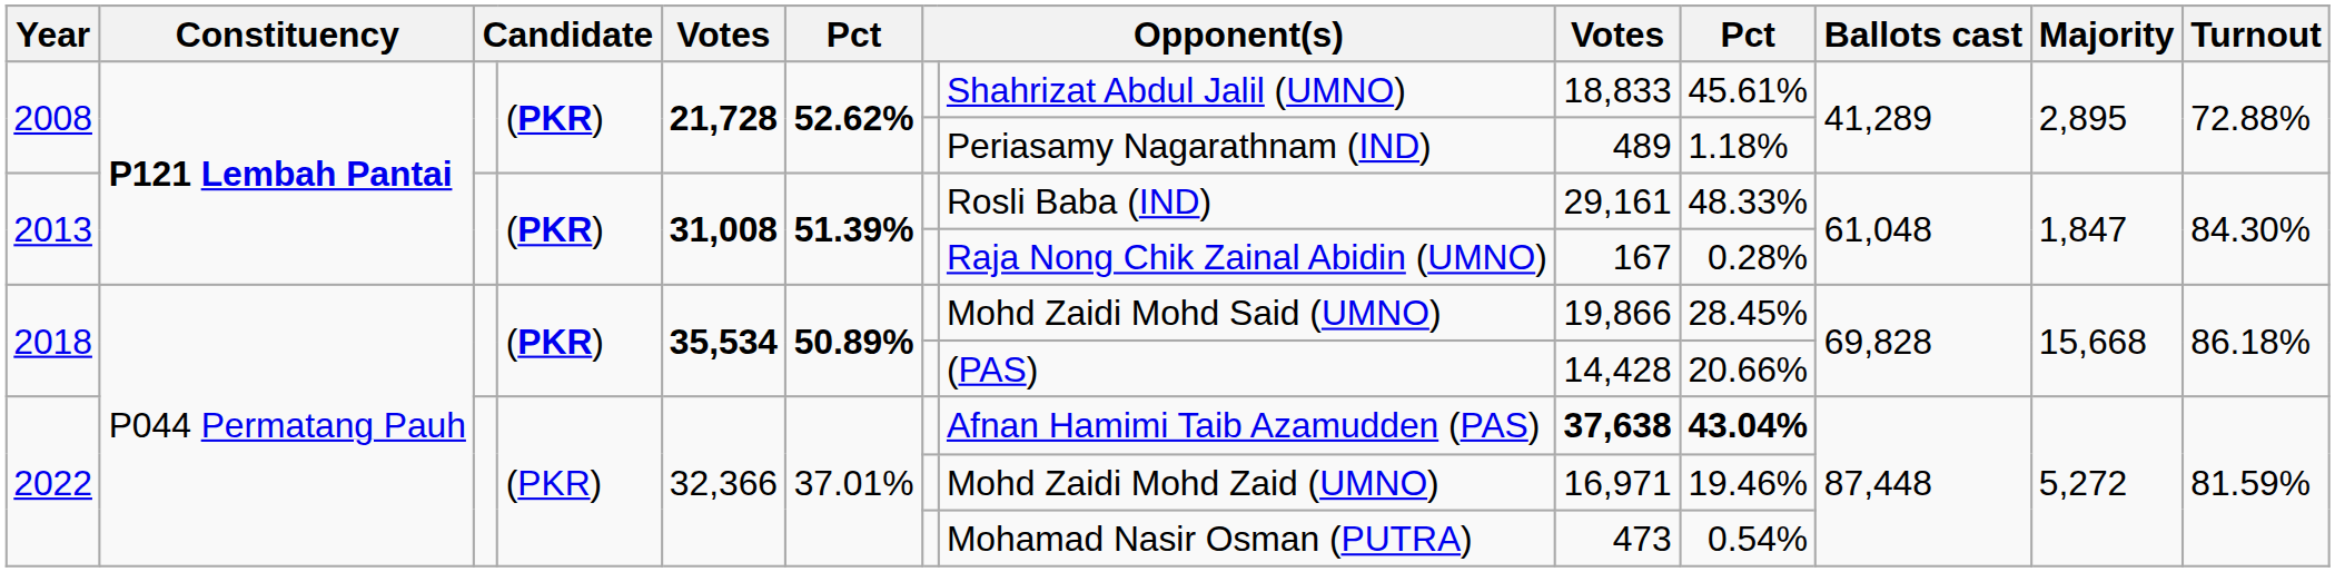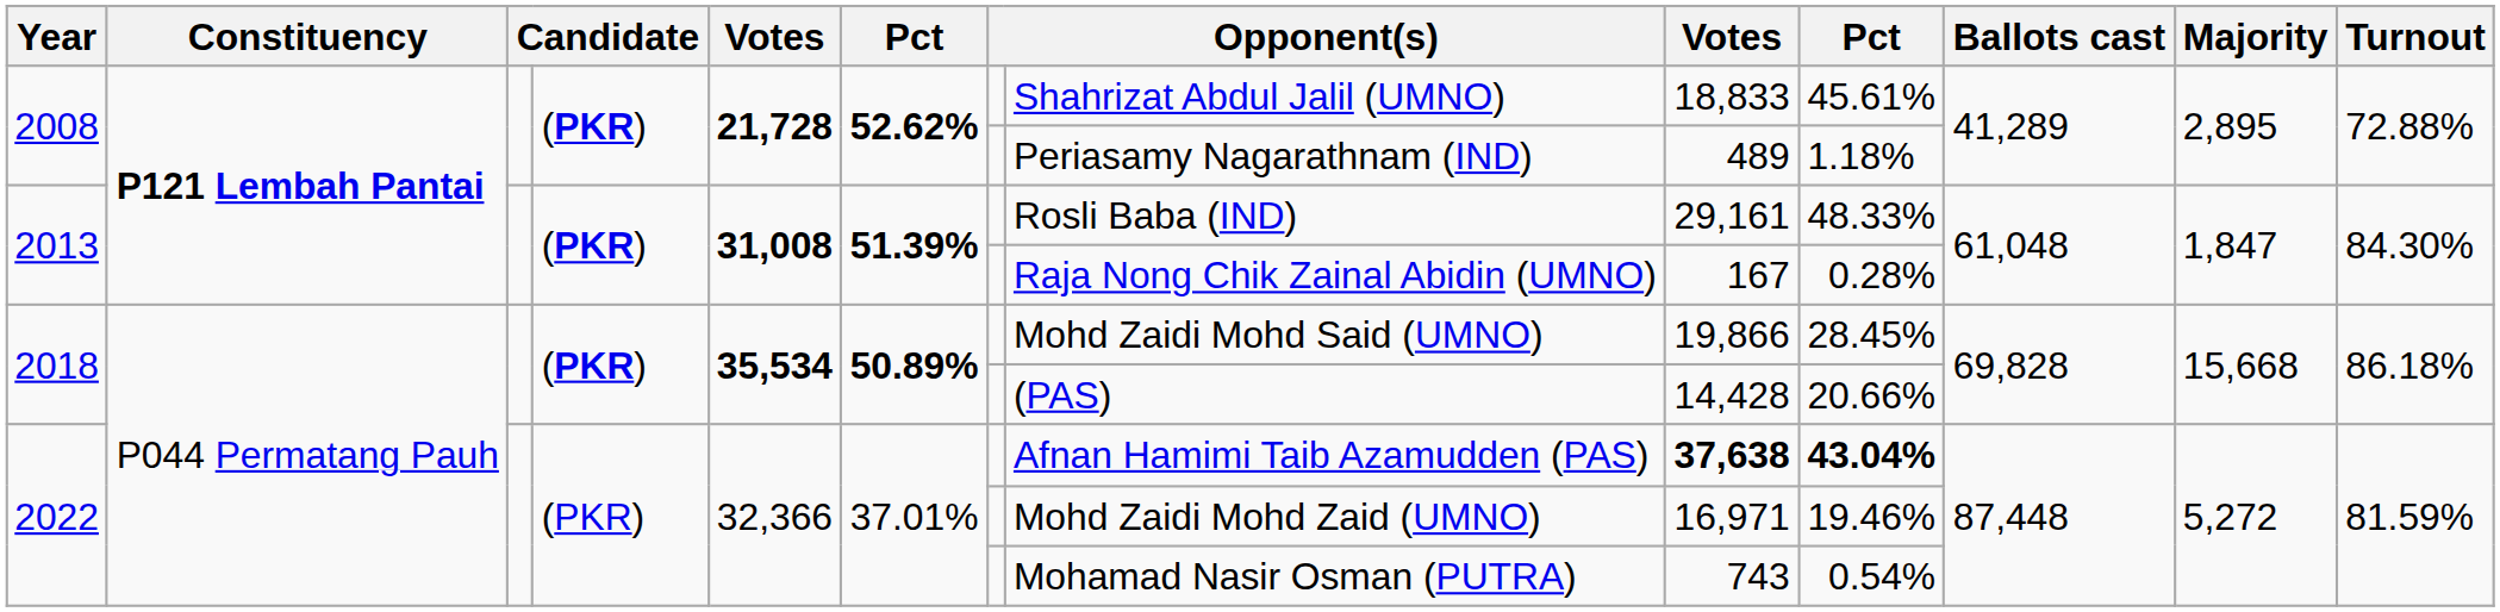 <table class="wikitable" style="margin:0.5em ; font-size:95%">
 <tr>
 <th>Year</th>
 <th>Constituency</th>
 <th colspan=2>Candidate</th>
 <th>Votes</th>
 <th>Pct</th>
 <th colspan=2>Opponent(s)</th>
 <th>Votes</th>
 <th>Pct</th>
 <th>Ballots cast</th>
 <th>Majority</th>
 <th>Turnout</th>
 </tr>
 <tr>
 <td rowspan=2><a href='#'>2008</a></td>
 <td rowspan=4><strong>P121 <a href='#'>Lembah Pantai</a></strong></td>
 <td rowspan=2 ></td>
 <td rowspan=2> (<a href='#'><strong>PKR</strong></a>)</td>
 <td rowspan=2 align="right"><strong>21,728</strong></td>
 <td rowspan=2><strong>52.62%</strong></td>
 <td></td>
 <td><a href='#'>Shahrizat Abdul Jalil</a> (<a href='#'>UMNO</a>)</td>
 <td align="right">18,833</td>
 <td>45.61%</td>
 <td rowspan=2>41,289</td>
 <td rowspan=2>2,895</td>
 <td rowspan=2>72.88%</td>
 </tr>
 <tr>
 <td></td>
 <td>Periasamy Nagarathnam (<a href='#'>IND</a>)</td>
 <td align="right">489</td>
 <td>1.18%</td>
 </tr>
 <tr>
 <td rowspan=2><a href='#'>2013</a></td>
 <td rowspan=2 ></td>
 <td rowspan=2> (<a href='#'><strong>PKR</strong></a>)</td>
 <td rowspan=2 align="right"><strong>31,008</strong></td>
 <td rowspan=2><strong>51.39%</strong></td>
 <td></td>
 <td>Rosli Baba (<a href='#'>IND</a>)</td>
 <td align="right">29,161</td>
 <td>48.33%</td>
 <td rowspan=2>61,048</td>
 <td rowspan=2>1,847</td>
 <td rowspan=2>84.30%</td>
 </tr>
 <tr>
 <td></td>
 <td><a href='#'>Raja Nong Chik Zainal Abidin</a> (<a href='#'>UMNO</a>)</td>
 <td align="right">167</td>
 <td align="right">0.28%</td>
 </tr>
 <tr>
 <td rowspan="2"><a href='#'>2018</a></td>
 <td rowspan=5>P044 <a href='#'>Permatang Pauh</a></td>
 <td rowspan="2" ></td>
 <td rowspan="2"> (<a href='#'><strong>PKR</strong></a>)</td>
 <td rowspan="2" align="right"><strong>35,534</strong></td>
 <td rowspan="2"><strong>50.89%</strong></td>
 <td></td>
 <td>Mohd Zaidi Mohd Said (<a href='#'>UMNO</a>)</td>
 <td align=right>19,866</td>
 <td>28.45%</td>
 <td rowspan="2">69,828</td>
 <td rowspan="2">15,668</td>
 <td rowspan="2">86.18%</td>
 </tr>
 <tr>
 <td></td>
 <td> (<a href='#'>PAS</a>)</td>
 <td align="right">14,428</td>
 <td>20.66%</td>
 </tr>
 <tr>
 <td rowspan=3><a href='#'>2022</a></td>
 <td rowspan=3 ></td>
 <td rowspan=3> (<a href='#'>PKR</a>)</td>
 <td rowspan=3 align="right">32,366</td>
 <td rowspan=3>37.01%</td>
 <td bgcolor=></td>
 <td><a href='#'>Afnan Hamimi Taib Azamudden</a> (<a href='#'>PAS</a>)</td>
 <td align="right"><strong>37,638</strong></td>
 <td><strong>43.04%</strong></td>
 <td rowspan=3>87,448</td>
 <td rowspan=3>5,272</td>
 <td rowspan=3>81.59%</td>
 </tr>
 <tr>
 <td></td>
 <td>Mohd Zaidi Mohd Zaid (<a href='#'>UMNO</a>)</td>
 <td align="right">16,971</td>
 <td>19.46%</td>
 </tr>
 <tr>
 <td bgcolor=></td>
 <td>Mohamad Nasir Osman (<a href='#'>PUTRA</a>)</td>
-<td align="right">473</td>
+<td align="right">743</td>
 <td align="right">0.54%</td>
 </tr>
 </table>
